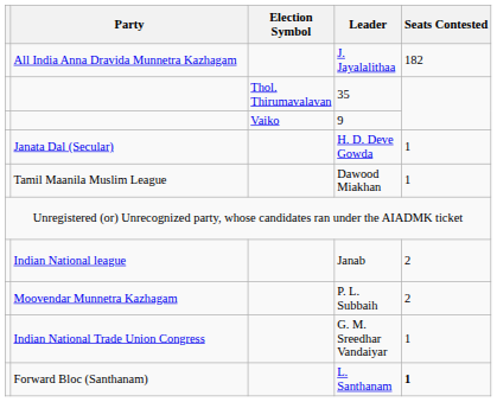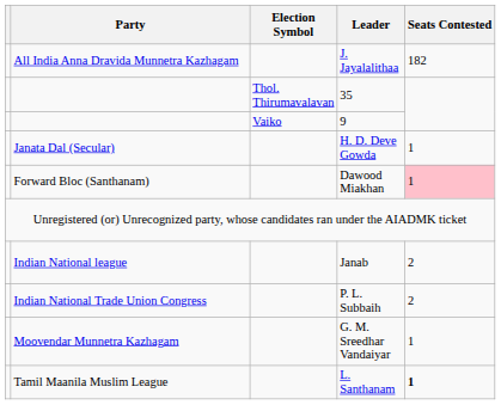 <table class="wikitable">
 <tr style="height: 50px;">
 <th></th>
 <th scope="col" style="width:300px;">Party</th>
 <th scope="col" style="width:60px;">Election Symbol</th>
 <th scope="col" style="width:80px;">Leader</th>
 <th colspan="2">Seats Contested</th>
 </tr>
 <tr style="height:">
 <td></td>
 <td><a href='#'>All India Anna Dravida Munnetra Kazhagam</a></td>
 <td></td>
 <td><a href='#'>J. Jayalalithaa</a></td>
 <td>182</td>
 </tr>
 <tr>
 <td></td>
 <td></td>
 <td><a href='#'>Thol. Thirumavalavan</a></td>
 <td>35</td>
 </tr>
 <tr>
 <td></td>
 <td></td>
 <td><a href='#'>Vaiko</a></td>
 <td>9</td>
 </tr>
 <tr>
 <td></td>
 <td><a href='#'>Janata Dal (Secular)</a></td>
 <td></td>
 <td><a href='#'>H. D. Deve Gowda</a></td>
 <td>1</td>
 </tr>
 <tr>
 <td></td>
-<td>Tamil Maanila Muslim League</td>
+<td>Forward Bloc (Santhanam)</td>
 <td></td>
 <td>Dawood Miakhan</td>
-<td>1</td>
+<td style="background: pink;">1</td>
 </tr>
 <tr style="height: 55px;">
 <td colspan="5" style="text-align:center;">Unregistered (or) Unrecognized party, whose candidates ran under the AIADMK ticket</td>
 </tr>
 <tr style="height: 55px;">
 <td></td>
 <td><a href='#'>Indian National league</a></td>
 <td></td>
 <td>Janab</td>
 <td>2</td>
 </tr>
 <tr>
 <td></td>
-<td><a href='#'>Moovendar Munnetra Kazhagam</a></td>
+<td><a href='#'>Indian National Trade Union Congress</a></td>
 <td></td>
 <td>P. L. Subbaih</td>
 <td>2</td>
 </tr>
 <tr>
 <td></td>
-<td><a href='#'>Indian National Trade Union Congress</a></td>
+<td><a href='#'>Moovendar Munnetra Kazhagam</a></td>
 <td></td>
 <td>G. M. Sreedhar Vandaiyar</td>
 <td>1</td>
 </tr>
 <tr>
 <td></td>
-<td>Forward Bloc (Santhanam)</td>
+<td>Tamil Maanila Muslim League</td>
 <td></td>
 <td><a href='#'>L. Santhanam</a></td>
 <td><strong>1</strong></td>
 </tr>
 </table>
